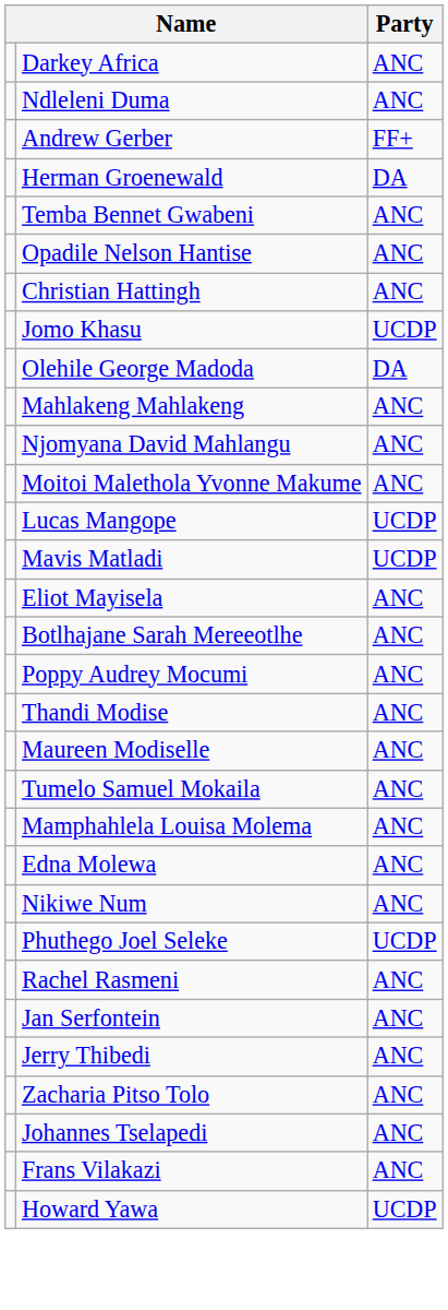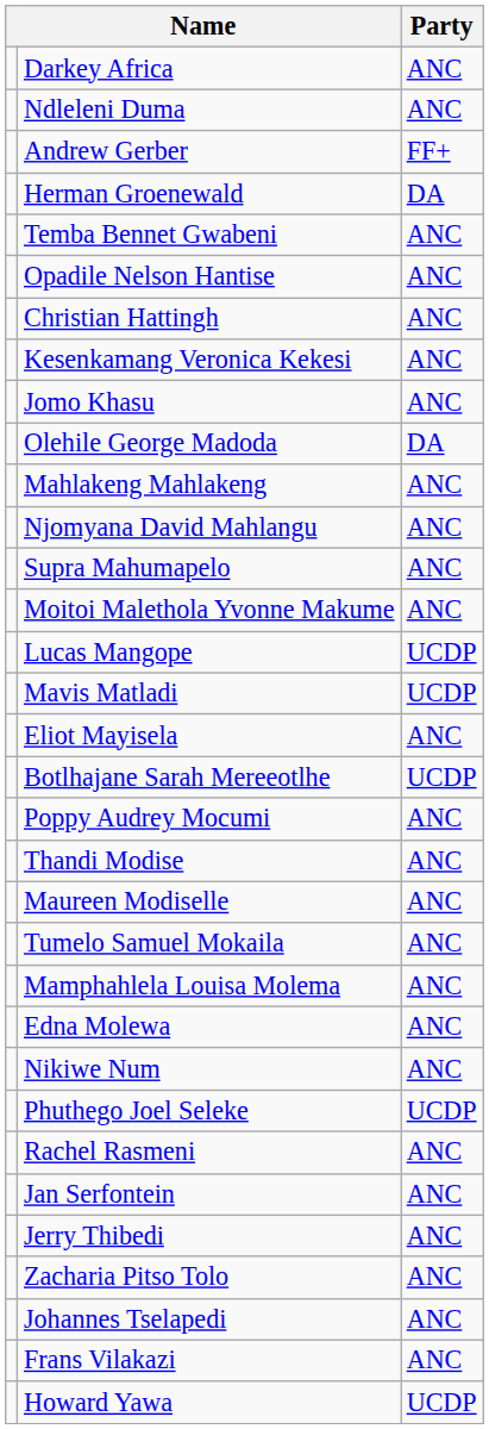 <table class="wikitable sortable">
 <tr>
 <th colspan="2">Name</th>
 <th>Party</th>
 </tr>
 <tr>
 <td style="background-color: "></td>
 <td><a href='#'>Darkey Africa</a></td>
 <td><a href='#'>ANC</a></td>
 </tr>
 <tr>
 <td style="background-color: "></td>
 <td><a href='#'>Ndleleni Duma</a></td>
 <td><a href='#'>ANC</a></td>
 </tr>
 <tr>
 <td></td>
 <td><a href='#'>Andrew Gerber</a></td>
 <td><a href='#'>FF+</a></td>
 </tr>
 <tr>
 <td></td>
 <td><a href='#'>Herman Groenewald</a></td>
 <td><a href='#'>DA</a></td>
 </tr>
 <tr>
 <td style="background-color: "></td>
 <td><a href='#'>Temba Bennet Gwabeni</a></td>
 <td><a href='#'>ANC</a></td>
 </tr>
 <tr>
 <td style="background-color: "></td>
 <td><a href='#'>Opadile Nelson Hantise</a></td>
 <td><a href='#'>ANC</a></td>
 </tr>
 <tr>
 <td></td>
 <td><a href='#'>Christian Hattingh</a></td>
 <td><a href='#'>ANC</a></td>
 </tr>
 <tr>
 <td style="background-color: "></td>
+<td><a href='#'>Kesenkamang Veronica Kekesi</a></td>
+<td><a href='#'>ANC</a></td>
+</tr>
+<tr>
+<td style="background-color: "></td>
 <td><a href='#'>Jomo Khasu</a></td>
-<td><a href='#'>UCDP</a></td>
+<td><a href='#'>ANC</a></td>
 </tr>
 <tr>
 <td style="background-color: "></td>
 <td><a href='#'>Olehile George Madoda</a></td>
 <td><a href='#'>DA</a></td>
 </tr>
 <tr>
 <td style="background-color: "></td>
 <td><a href='#'>Mahlakeng Mahlakeng</a></td>
 <td><a href='#'>ANC</a></td>
 </tr>
 <tr>
 <td style="background-color: "></td>
 <td><a href='#'>Njomyana David Mahlangu</a></td>
+<td><a href='#'>ANC</a></td>
+</tr>
+<tr>
+<td style="background-color: "></td>
+<td><a href='#'>Supra Mahumapelo</a></td>
 <td><a href='#'>ANC</a></td>
 </tr>
 <tr>
 <td style="background-color: "></td>
 <td><a href='#'>Moitoi Malethola Yvonne Makume</a></td>
 <td><a href='#'>ANC</a></td>
 </tr>
 <tr>
 <td></td>
 <td><a href='#'>Lucas Mangope</a></td>
 <td><a href='#'>UCDP</a></td>
 </tr>
 <tr>
 <td></td>
 <td><a href='#'>Mavis Matladi</a></td>
 <td><a href='#'>UCDP</a></td>
 </tr>
 <tr>
 <td style="background-color: "></td>
 <td><a href='#'>Eliot Mayisela</a></td>
 <td><a href='#'>ANC</a></td>
 </tr>
 <tr>
 <td style="background-color: "></td>
 <td><a href='#'>Botlhajane Sarah Mereeotlhe</a></td>
-<td><a href='#'>ANC</a></td>
+<td><a href='#'>UCDP</a></td>
 </tr>
 <tr>
 <td style="background-color: "></td>
 <td><a href='#'>Poppy Audrey Mocumi</a></td>
 <td><a href='#'>ANC</a></td>
 </tr>
 <tr>
 <td style="background-color: "></td>
 <td><a href='#'>Thandi Modise</a></td>
 <td><a href='#'>ANC</a></td>
 </tr>
 <tr>
 <td style="background-color: "></td>
 <td><a href='#'>Maureen Modiselle</a></td>
 <td><a href='#'>ANC</a></td>
 </tr>
 <tr>
 <td style="background-color: "></td>
 <td><a href='#'>Tumelo Samuel Mokaila</a></td>
 <td><a href='#'>ANC</a></td>
 </tr>
 <tr>
 <td style="background-color: "></td>
 <td><a href='#'>Mamphahlela Louisa Molema</a></td>
 <td><a href='#'>ANC</a></td>
 </tr>
 <tr>
 <td style="background-color: "></td>
 <td><a href='#'>Edna Molewa</a></td>
 <td><a href='#'>ANC</a></td>
 </tr>
 <tr>
 <td style="background-color: "></td>
 <td><a href='#'>Nikiwe Num</a></td>
 <td><a href='#'>ANC</a></td>
 </tr>
 <tr>
 <td></td>
 <td><a href='#'>Phuthego Joel Seleke</a></td>
 <td><a href='#'>UCDP</a></td>
 </tr>
 <tr>
 <td style="background-color: "></td>
 <td><a href='#'>Rachel Rasmeni</a></td>
 <td><a href='#'>ANC</a></td>
 </tr>
 <tr>
 <td style="background-color: "></td>
 <td><a href='#'>Jan Serfontein</a></td>
 <td><a href='#'>ANC</a></td>
 </tr>
 <tr>
 <td style="background-color: "></td>
 <td><a href='#'>Jerry Thibedi</a></td>
 <td><a href='#'>ANC</a></td>
 </tr>
 <tr>
 <td style="background-color: "></td>
 <td><a href='#'>Zacharia Pitso Tolo</a></td>
 <td><a href='#'>ANC</a></td>
 </tr>
 <tr>
 <td style="background-color: "></td>
 <td><a href='#'>Johannes Tselapedi</a></td>
 <td><a href='#'>ANC</a></td>
 </tr>
 <tr>
 <td style="background-color: "></td>
 <td><a href='#'>Frans Vilakazi</a></td>
 <td><a href='#'>ANC</a></td>
 </tr>
 <tr>
 <td style="background-color: "></td>
 <td><a href='#'>Howard Yawa</a></td>
 <td><a href='#'>UCDP</a></td>
 </tr>
 </table>
